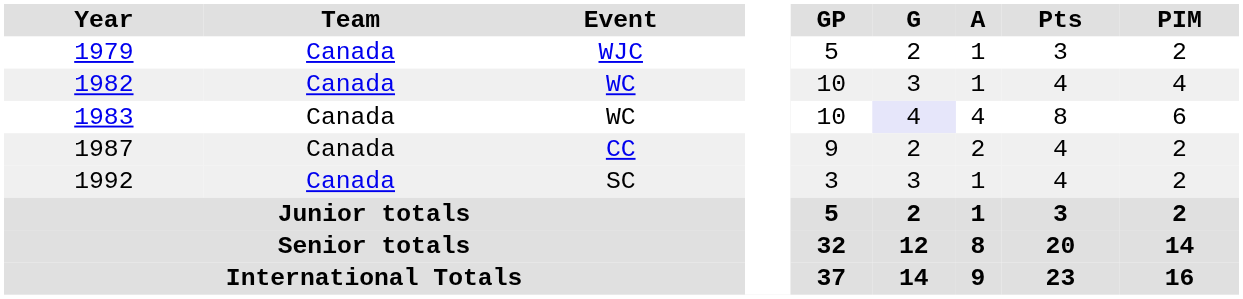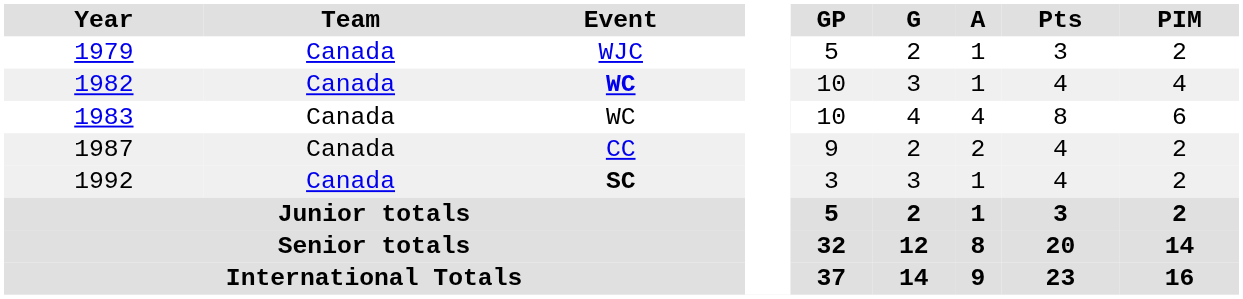 <table border="0" cellpadding="1" cellspacing="0" style="text-align:center; width:50em">
 <tr align="center" bgcolor="#e0e0e0">
 <th>Year</th>
 <th>Team</th>
 <th>Event</th>
 <th rowspan="99" bgcolor="#ffffff"> </th>
 <th>GP</th>
 <th>G</th>
 <th>A</th>
 <th>Pts</th>
 <th>PIM</th>
 </tr>
 <tr>
 <td><a href='#'>1979</a></td>
 <td><a href='#'>Canada</a></td>
 <td><a href='#'>WJC</a></td>
 <td>5</td>
 <td>2</td>
 <td>1</td>
 <td>3</td>
 <td>2</td>
 </tr>
 <tr bgcolor="#f0f0f0">
 <td><a href='#'>1982</a></td>
 <td><a href='#'>Canada</a></td>
-<td><a href='#'>WC</a></td>
+<td><strong><a href='#'>WC</a></strong></td>
 <td>10</td>
 <td>3</td>
 <td>1</td>
 <td>4</td>
 <td>4</td>
 </tr>
 <tr>
 <td><a href='#'>1983</a></td>
 <td>Canada</td>
 <td>WC</td>
 <td>10</td>
-<td style="background: lavender;">4</td>
+<td>4</td>
 <td>4</td>
 <td>8</td>
 <td>6</td>
 </tr>
 <tr bgcolor="#f0f0f0">
 <td>1987</td>
 <td>Canada</td>
 <td><a href='#'>CC</a></td>
 <td>9</td>
 <td>2</td>
 <td>2</td>
 <td>4</td>
 <td>2</td>
 </tr>
 <tr bgcolor="#f0f0f0">
 <td>1992</td>
 <td><a href='#'>Canada</a></td>
-<td>SC</td>
+<td><strong>SC</strong></td>
 <td>3</td>
 <td>3</td>
 <td>1</td>
 <td>4</td>
 <td>2</td>
 </tr>
 <tr bgcolor="#e0e0e0">
 <th colspan=3>Junior totals</th>
 <th>5</th>
 <th>2</th>
 <th>1</th>
 <th>3</th>
 <th>2</th>
 </tr>
 <tr bgcolor="#e0e0e0">
 <th colspan=3>Senior totals</th>
 <th>32</th>
 <th>12</th>
 <th>8</th>
 <th>20</th>
 <th>14</th>
 </tr>
 <tr bgcolor="e0e0e0">
 <th colspan=3>International Totals</th>
 <th>37</th>
 <th>14</th>
 <th>9</th>
 <th>23</th>
 <th>16</th>
 </tr>
 </table>
